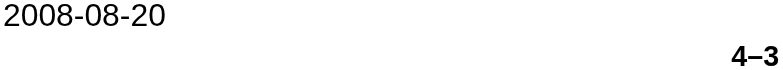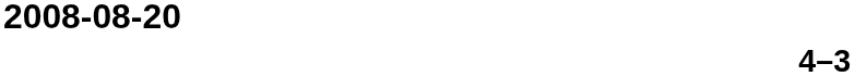 <table style="width:100%;" cellspacing="1">
 <tr>
 <th width=25%></th>
 <th width=10%></th>
 <th></th>
 </tr>
 <tr>
-<td>2008-08-20</td>
+<td><strong>2008-08-20</strong></td>
 </tr>
 <tr style=font-size:90%>
 <td align=right><strong></strong></td>
 <td align=center><strong>4–3</strong></td>
 <td><strong></strong> </td>
 </tr>
 </table>
